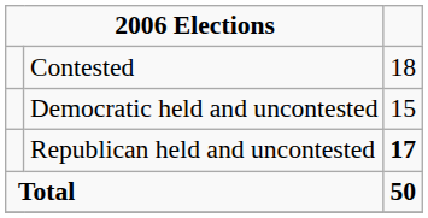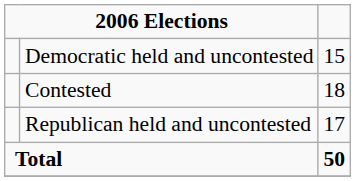 <table class="wikitable">
 <tr>
 <td colspan="2" rowspan="1" align="center"><strong>2006 Elections</strong></td>
+</tr>
+<tr>
+<td style="background-color:"> </td>
+<td>Democratic held and uncontested</td>
+<td>15</td>
 </tr>
 <tr>
 <td style="background-color:"> </td>
 <td>Contested</td>
 <td>18</td>
 </tr>
 <tr>
 <td style="background-color:"> </td>
-<td>Democratic held and uncontested</td>
-<td>15</td>
-</tr>
-<tr>
-<td style="background-color:"> </td>
 <td>Republican held and uncontested</td>
-<td><strong>17</strong></td>
+<td>17</td>
 </tr>
 <tr>
 <td colspan="2" rowspan="1"> <strong>Total</strong><br></td>
 <td><strong>50</strong></td>
 </tr>
 <tr>
 </tr>
 </table>
